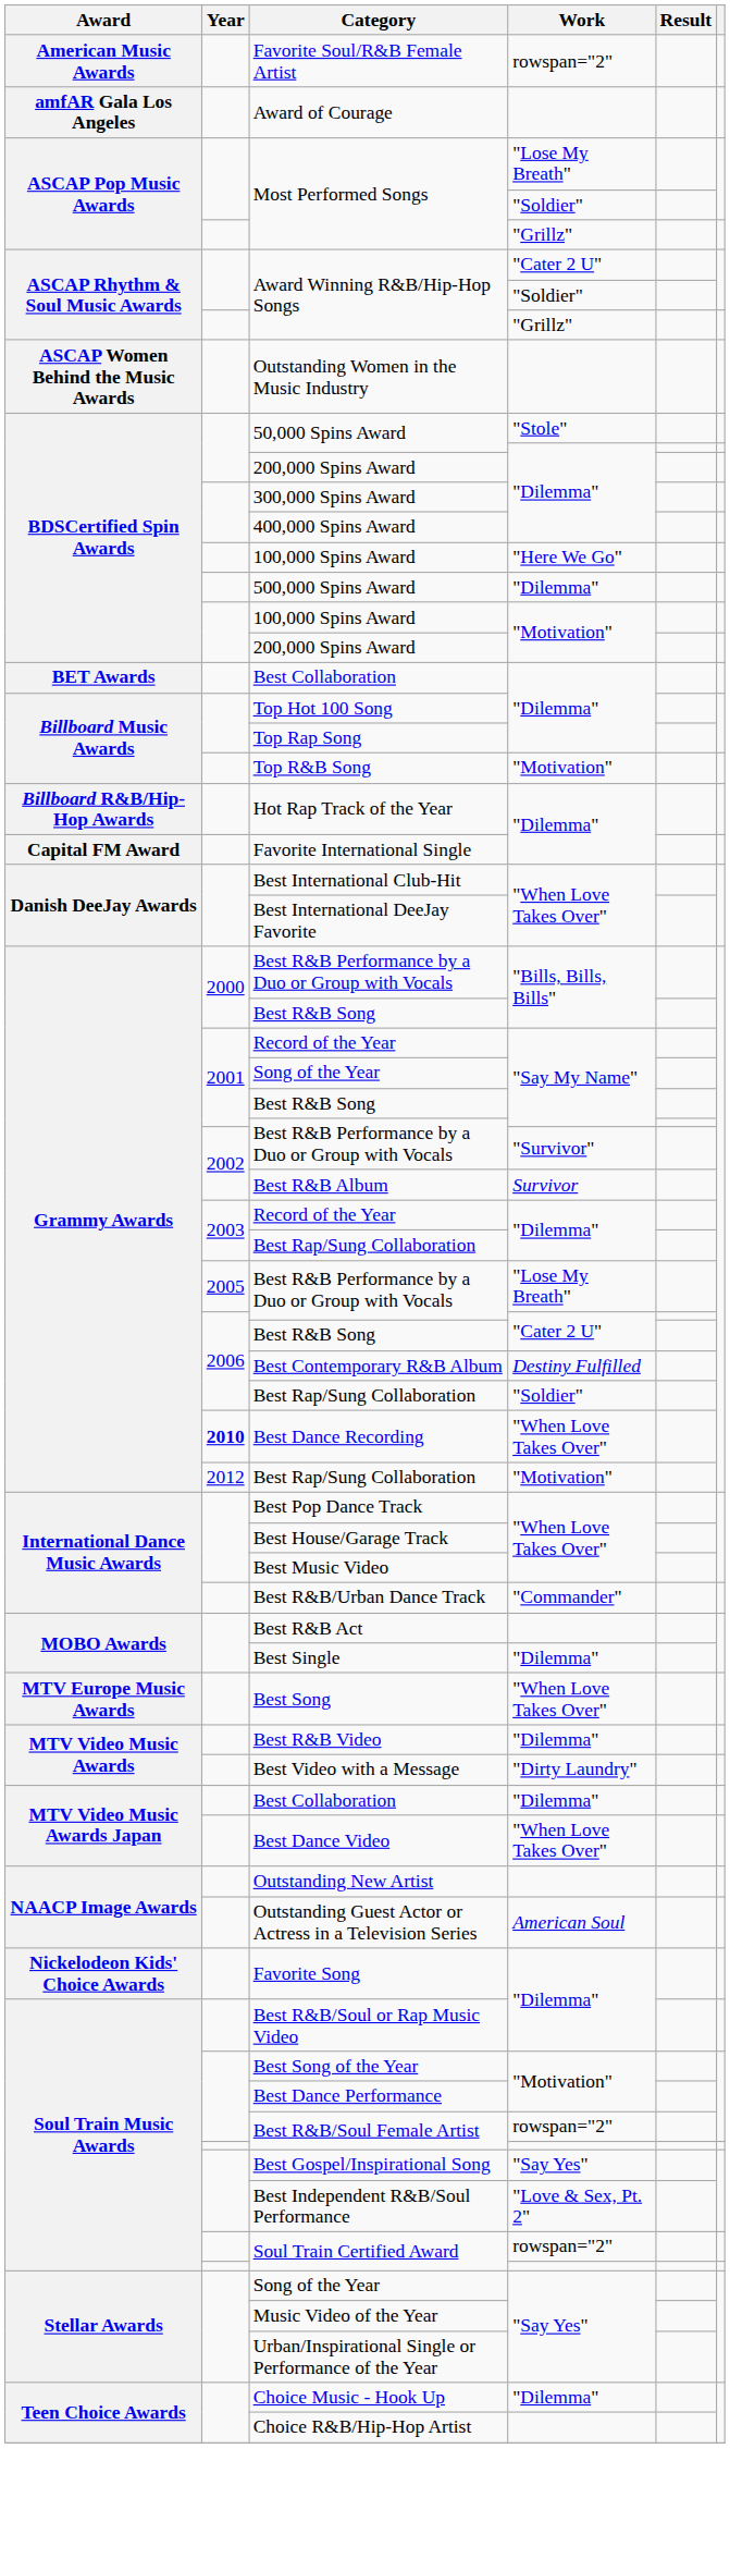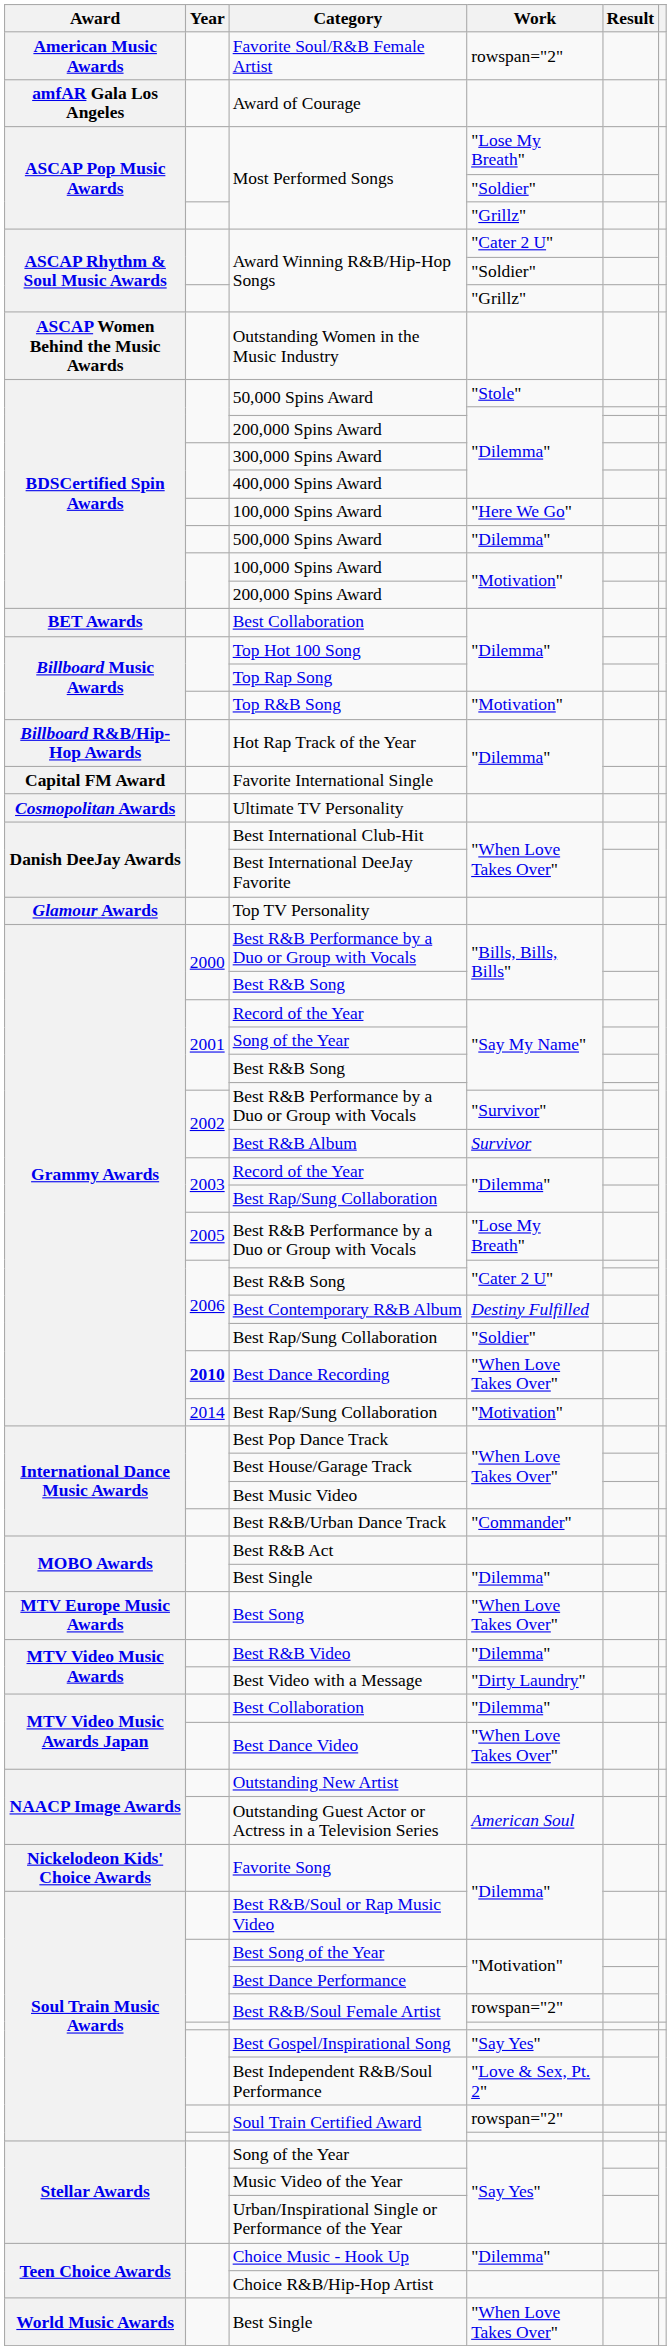 <table class="wikitable sortable plainrowheaders">
 <tr>
 <th scope="col">Award</th>
 <th scope="col">Year</th>
 <th scope="col">Category</th>
 <th scope="col">Work</th>
 <th scope="col">Result</th>
 <th scope="col" class="unsortable"></th>
 </tr>
 <tr>
 <th scope="row"><a href='#'>American Music Awards</a> </th>
 <td></td>
 <td><a href='#'>Favorite Soul/R&B Female Artist</a></td>
 <td>rowspan="2" </td>
 <td></td>
 <td></td>
 </tr>
 <tr>
 <th scope="row"><a href='#'>amfAR</a> Gala Los Angeles</th>
 <td></td>
 <td>Award of Courage</td>
 <td></td>
 <td></td>
 </tr>
 <tr>
 <th scope="row" rowspan="3"><a href='#'>ASCAP Pop Music Awards</a></th>
 <td rowspan="2"></td>
 <td rowspan="3">Most Performed Songs</td>
 <td>"<a href='#'>Lose My Breath</a>"</td>
 <td></td>
 <td rowspan="2"></td>
 </tr>
 <tr>
 <td>"<a href='#'>Soldier</a>"</td>
 <td></td>
 </tr>
 <tr>
 <td></td>
 <td>"<a href='#'>Grillz</a>"</td>
 <td></td>
 <td></td>
 </tr>
 <tr>
 <th scope="row" rowspan="3"><a href='#'>ASCAP Rhythm & Soul Music Awards</a></th>
 <td rowspan="2"></td>
 <td rowspan="3">Award Winning R&B/Hip-Hop Songs</td>
 <td>"<a href='#'>Cater 2 U</a>"</td>
 <td></td>
 <td rowspan="2"></td>
 </tr>
 <tr>
 <td>"Soldier"</td>
 <td></td>
 </tr>
 <tr>
 <td></td>
 <td>"Grillz"</td>
 <td></td>
 <td></td>
 </tr>
 <tr>
 <th scope="row"><a href='#'>ASCAP</a> Women Behind the Music Awards</th>
 <td></td>
 <td>Outstanding Women in the Music Industry</td>
 <td></td>
 <td></td>
 <td></td>
 </tr>
 <tr>
 <th scope="row" rowspan="9"><a href='#'>BDSCertified Spin Awards</a> </th>
 <td rowspan="3"></td>
 <td rowspan="2">50,000 Spins Award</td>
 <td>"<a href='#'>Stole</a>"</td>
 <td></td>
 <td></td>
 </tr>
 <tr>
 <td rowspan="4">"<a href='#'>Dilemma</a>"</td>
 <td></td>
 <td></td>
 </tr>
 <tr>
 <td>200,000 Spins Award</td>
 <td></td>
 <td></td>
 </tr>
 <tr>
 <td rowspan="2"></td>
 <td>300,000 Spins Award</td>
 <td></td>
 <td></td>
 </tr>
 <tr>
 <td>400,000 Spins Award</td>
 <td></td>
 <td></td>
 </tr>
 <tr>
 <td></td>
 <td>100,000 Spins Award</td>
 <td>"<a href='#'>Here We Go</a>"</td>
 <td></td>
 <td></td>
 </tr>
 <tr>
 <td></td>
 <td>500,000 Spins Award</td>
 <td>"<a href='#'>Dilemma</a>"</td>
 <td></td>
 <td></td>
 </tr>
 <tr>
 <td rowspan="2"></td>
 <td>100,000 Spins Award</td>
 <td rowspan="2">"<a href='#'>Motivation</a>"</td>
 <td></td>
 <td></td>
 </tr>
 <tr>
 <td>200,000 Spins Award</td>
 <td></td>
 <td></td>
 </tr>
 <tr>
 <th scope="row"><a href='#'>BET Awards</a></th>
 <td></td>
 <td><a href='#'>Best Collaboration</a></td>
 <td rowspan="3">"<a href='#'>Dilemma</a>"</td>
 <td></td>
 <td></td>
 </tr>
 <tr>
 <th scope="row" rowspan="3"><a href='#'><em>Billboard</em> Music Awards</a></th>
 <td rowspan="2"></td>
 <td><a href='#'>Top Hot 100 Song</a></td>
 <td></td>
 <td rowspan="2"></td>
 </tr>
 <tr>
 <td><a href='#'>Top Rap Song</a></td>
 <td></td>
 </tr>
 <tr>
 <td></td>
 <td><a href='#'>Top R&B Song</a></td>
 <td>"<a href='#'>Motivation</a>"</td>
 <td></td>
 <td></td>
 </tr>
 <tr>
 <th scope="row"><a href='#'><em>Billboard</em> R&B/Hip-Hop Awards</a></th>
 <td></td>
 <td>Hot Rap Track of the Year</td>
 <td rowspan="2">"<a href='#'>Dilemma</a>"</td>
 <td></td>
 <td></td>
 </tr>
 <tr>
 <th scope="row">Capital FM Award  </th>
 <td></td>
 <td>Favorite International Single</td>
 <td></td>
 <td></td>
 </tr>
 <tr>
+<th scope="row"><a href='#'><em>Cosmopolitan</em> Awards</a></th>
+<td></td>
+<td>Ultimate TV Personality</td>
+<td></td>
+<td></td>
+<td></td>
+</tr>
+<tr>
 <th scope="row" rowspan="2">Danish DeeJay Awards </th>
 <td rowspan="2"></td>
 <td>Best International Club-Hit</td>
 <td rowspan="2">"<a href='#'>When Love Takes Over</a>"</td>
 <td></td>
 <td rowspan="2"></td>
 </tr>
 <tr>
 <td>Best International DeeJay Favorite</td>
+<td></td>
+</tr>
+<tr>
+<th scope="row"><a href='#'><em>Glamour</em> Awards</a> </th>
+<td></td>
+<td>Top TV Personality</td>
+<td></td>
+<td></td>
 <td></td>
 </tr>
 <tr>
 <th scope="row" rowspan="17"><a href='#'>Grammy Awards</a></th>
 <td align="center" rowspan="2"><a href='#'>2000</a></td>
 <td><a href='#'>Best R&B Performance by a Duo or Group with Vocals</a></td>
 <td rowspan="2">"<a href='#'>Bills, Bills, Bills</a>"</td>
 <td></td>
 </tr>
 <tr>
 <td><a href='#'>Best R&B Song</a></td>
 <td></td>
 </tr>
 <tr>
 <td align="center" rowspan="4"><a href='#'>2001</a></td>
 <td><a href='#'>Record of the Year</a></td>
 <td rowspan="4">"<a href='#'>Say My Name</a>"</td>
 <td></td>
 </tr>
 <tr>
 <td><a href='#'>Song of the Year</a></td>
 <td></td>
 </tr>
 <tr>
 <td>Best R&B Song</td>
 <td></td>
 </tr>
 <tr>
 <td rowspan="2">Best R&B Performance by a Duo or Group with Vocals</td>
 <td></td>
 </tr>
 <tr>
 <td align="center" rowspan="2"><a href='#'>2002</a></td>
 <td>"<a href='#'>Survivor</a>"</td>
 <td></td>
 </tr>
 <tr>
 <td><a href='#'>Best R&B Album</a></td>
 <td><em><a href='#'>Survivor</a></em></td>
 <td></td>
 </tr>
 <tr>
 <td style="text-align:center;" rowspan="2"><a href='#'>2003</a></td>
 <td><a href='#'>Record of the Year</a></td>
 <td rowspan="2">"<a href='#'>Dilemma</a>"</td>
 <td></td>
 </tr>
 <tr>
 <td><a href='#'>Best Rap/Sung Collaboration</a></td>
 <td></td>
 </tr>
 <tr>
 <td align="center"><a href='#'>2005</a></td>
 <td rowspan="2">Best R&B Performance by a Duo or Group with Vocals</td>
 <td>"<a href='#'>Lose My Breath</a>"</td>
 <td></td>
 </tr>
 <tr>
 <td align="center" rowspan="4"><a href='#'>2006</a></td>
 <td rowspan="2">"<a href='#'>Cater 2 U</a>"</td>
 <td></td>
 </tr>
 <tr>
 <td>Best R&B Song</td>
 <td></td>
 </tr>
 <tr>
 <td><a href='#'>Best Contemporary R&B Album</a></td>
 <td><em><a href='#'>Destiny Fulfilled</a></em></td>
 <td></td>
 </tr>
 <tr>
 <td>Best Rap/Sung Collaboration</td>
 <td>"<a href='#'>Soldier</a>"</td>
 <td></td>
 </tr>
 <tr>
 <td style="text-align:center;"><strong><a href='#'>2010</a></strong></td>
 <td><a href='#'>Best Dance Recording</a></td>
 <td>"<a href='#'>When Love Takes Over</a>"</td>
 <td></td>
 </tr>
 <tr>
-<td style="text-align:center;"><a href='#'>2012</a></td>
+<td style="text-align:center;"><a href='#'>2014</a></td>
 <td>Best Rap/Sung Collaboration</td>
 <td>"<a href='#'>Motivation</a>"</td>
 <td></td>
 </tr>
 <tr>
 <th scope="row" rowspan="4"><a href='#'>International Dance Music Awards</a> </th>
 <td rowspan="3"></td>
 <td>Best Pop Dance Track</td>
 <td rowspan="3">"<a href='#'>When Love Takes Over</a>"</td>
 <td></td>
 <td rowspan="3"></td>
 </tr>
 <tr>
 <td>Best House/Garage Track</td>
 <td></td>
 </tr>
 <tr>
 <td>Best Music Video</td>
 <td></td>
 </tr>
 <tr>
 <td></td>
 <td>Best R&B/Urban Dance Track</td>
 <td>"<a href='#'>Commander</a>"</td>
 <td></td>
 </tr>
 <tr>
 <th scope="row" rowspan="2"><a href='#'>MOBO Awards</a> </th>
 <td rowspan="2"></td>
 <td>Best R&B Act</td>
 <td></td>
 <td></td>
 <td rowspan="2"></td>
 </tr>
 <tr>
 <td>Best Single</td>
 <td>"<a href='#'>Dilemma</a>"</td>
 <td></td>
 </tr>
 <tr>
 <th scope="row"><a href='#'>MTV Europe Music Awards</a></th>
 <td></td>
 <td><a href='#'>Best Song</a></td>
 <td>"<a href='#'>When Love Takes Over</a>"</td>
 <td></td>
 <td></td>
 </tr>
 <tr>
 <th scope="row" rowspan="2"><a href='#'>MTV Video Music Awards</a></th>
 <td></td>
 <td><a href='#'>Best R&B Video</a></td>
 <td>"<a href='#'>Dilemma</a>"</td>
 <td></td>
 <td></td>
 </tr>
 <tr>
 <td></td>
 <td>Best Video with a Message</td>
 <td>"<a href='#'>Dirty Laundry</a>"</td>
 <td></td>
 <td></td>
 </tr>
 <tr>
 <th scope="row" rowspan="2"><a href='#'>MTV Video Music Awards Japan</a></th>
 <td></td>
 <td><a href='#'>Best Collaboration</a></td>
 <td>"<a href='#'>Dilemma</a>"</td>
 <td></td>
 <td></td>
 </tr>
 <tr>
 <td></td>
 <td><a href='#'>Best Dance Video</a></td>
 <td>"<a href='#'>When Love Takes Over</a>"</td>
 <td></td>
 <td></td>
 </tr>
 <tr>
 <th scope="row" rowspan="2"><a href='#'>NAACP Image Awards</a> </th>
 <td></td>
 <td><a href='#'>Outstanding New Artist</a></td>
 <td></td>
 <td></td>
 <td></td>
 </tr>
 <tr>
 <td></td>
 <td>Outstanding Guest Actor or Actress in a Television Series</td>
 <td><em><a href='#'>American Soul</a></em></td>
 <td></td>
 <td></td>
 </tr>
 <tr>
 <th scope="row"><a href='#'>Nickelodeon Kids' Choice Awards</a></th>
 <td></td>
 <td><a href='#'>Favorite Song</a></td>
 <td rowspan="2">"<a href='#'>Dilemma</a>"</td>
 <td></td>
 <td></td>
 </tr>
 <tr>
 <th scope="row" rowspan="9"><a href='#'>Soul Train Music Awards</a> </th>
 <td></td>
 <td><a href='#'>Best R&B/Soul or Rap Music Video</a></td>
 <td></td>
 <td></td>
 </tr>
 <tr>
 <td rowspan="3"></td>
 <td><a href='#'>Best Song of the Year</a></td>
 <td rowspan="2">"Motivation"</td>
 <td></td>
 <td rowspan="3"></td>
 </tr>
 <tr>
 <td><a href='#'>Best Dance Performance</a></td>
 <td></td>
 </tr>
 <tr>
 <td rowspan="2"><a href='#'>Best R&B/Soul Female Artist</a></td>
 <td>rowspan="2" </td>
 <td></td>
 </tr>
 <tr>
 <td></td>
 <td></td>
 <td></td>
 </tr>
 <tr>
 <td rowspan="2"></td>
 <td><a href='#'>Best Gospel/Inspirational Song</a></td>
 <td>"<a href='#'>Say Yes</a>"</td>
 <td></td>
 <td rowspan="2"></td>
 </tr>
 <tr>
 <td>Best Independent R&B/Soul Performance</td>
 <td>"<a href='#'>Love & Sex, Pt. 2</a>"</td>
 <td></td>
 </tr>
 <tr>
 <td></td>
 <td rowspan="2"><a href='#'>Soul Train Certified Award</a></td>
 <td>rowspan="2" </td>
 <td></td>
 <td></td>
 </tr>
 <tr>
 <td></td>
 <td></td>
 <td></td>
 </tr>
 <tr>
 <th scope="row" rowspan="3"><a href='#'>Stellar Awards</a></th>
 <td rowspan="3"></td>
 <td>Song of the Year</td>
 <td rowspan="3">"<a href='#'>Say Yes</a>"</td>
 <td></td>
 <td rowspan="3"></td>
 </tr>
 <tr>
 <td>Music Video of the Year</td>
 <td></td>
 </tr>
 <tr>
 <td>Urban/Inspirational Single or Performance of the Year</td>
 <td></td>
 </tr>
 <tr>
 <th scope="row" rowspan="2"><a href='#'>Teen Choice Awards</a> </th>
 <td rowspan="2"></td>
 <td><a href='#'>Choice Music - Hook Up</a></td>
 <td>"<a href='#'>Dilemma</a>"</td>
 <td></td>
 <td rowspan="2"></td>
 </tr>
 <tr>
 <td>Choice R&B/Hip-Hop Artist</td>
 <td></td>
 <td></td>
 </tr>
 <tr>
+<th scope="row"><a href='#'>World Music Awards</a> </th>
+<td></td>
+<td>Best Single</td>
+<td>"<a href='#'>When Love Takes Over</a>"</td>
+<td></td>
+<td></td>
+</tr>
+<tr>
 </tr>
 </table>
